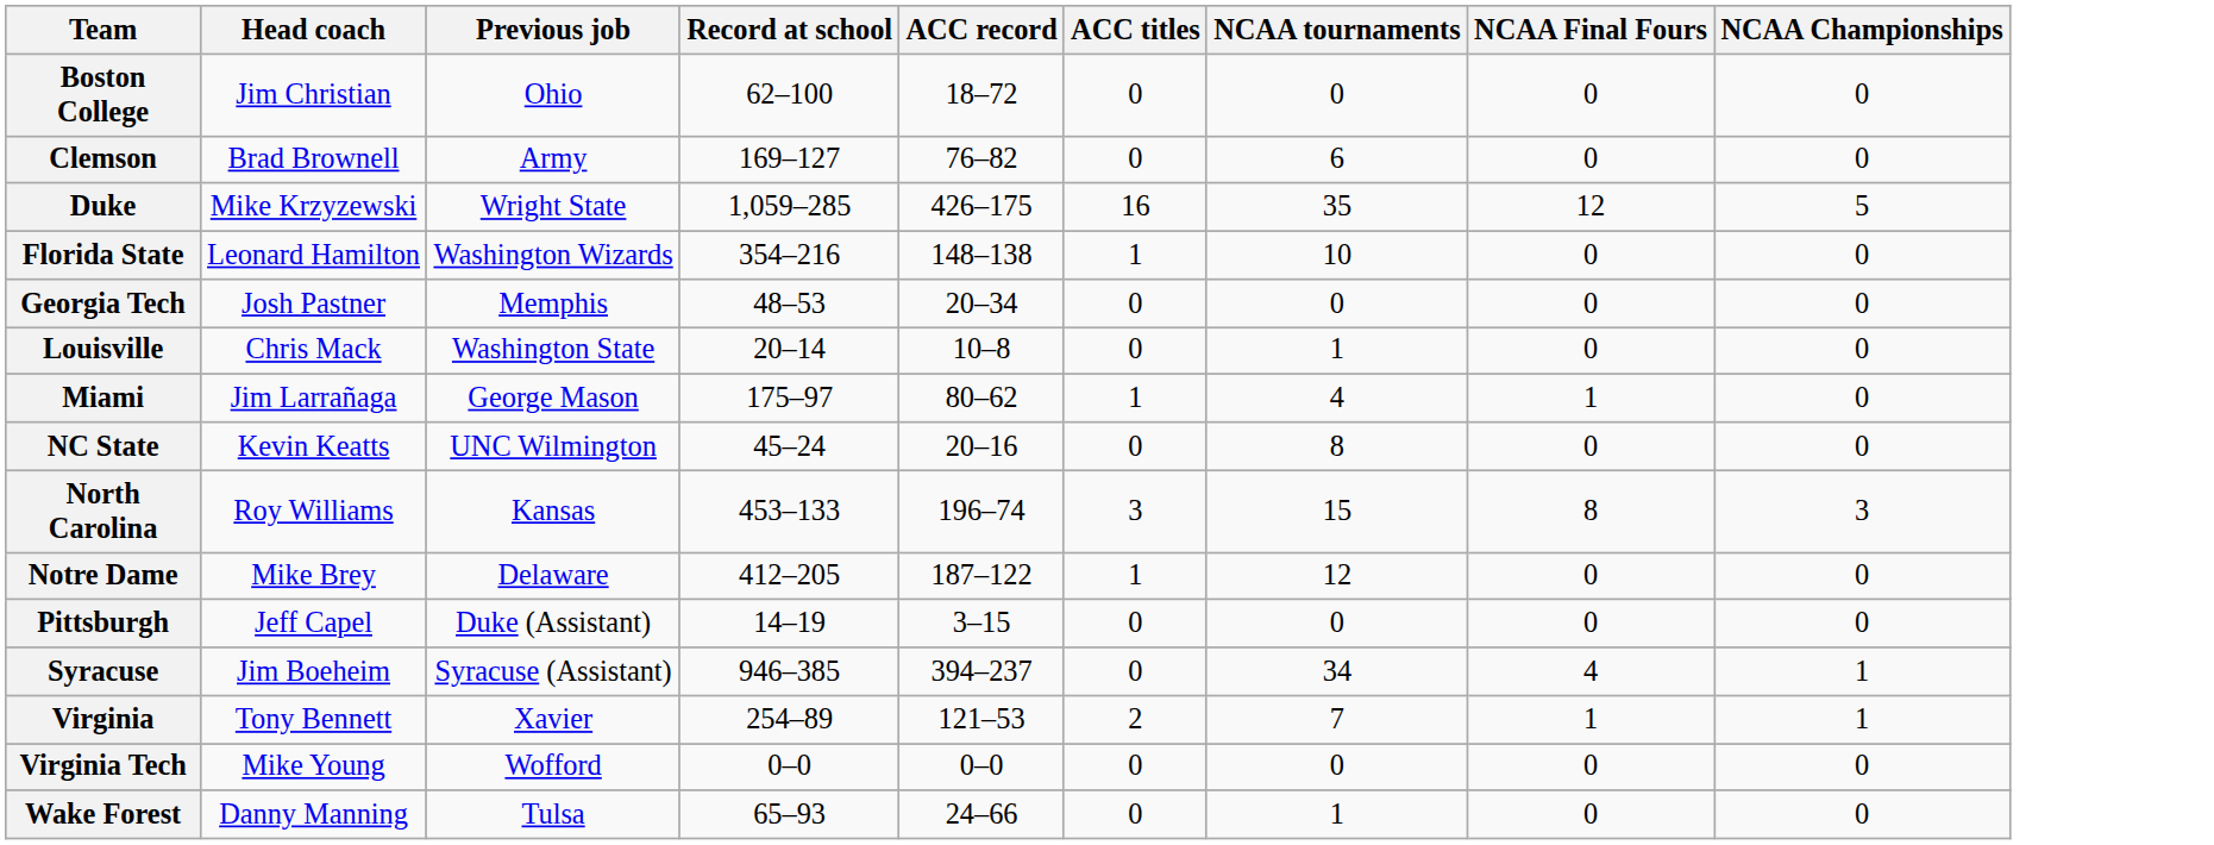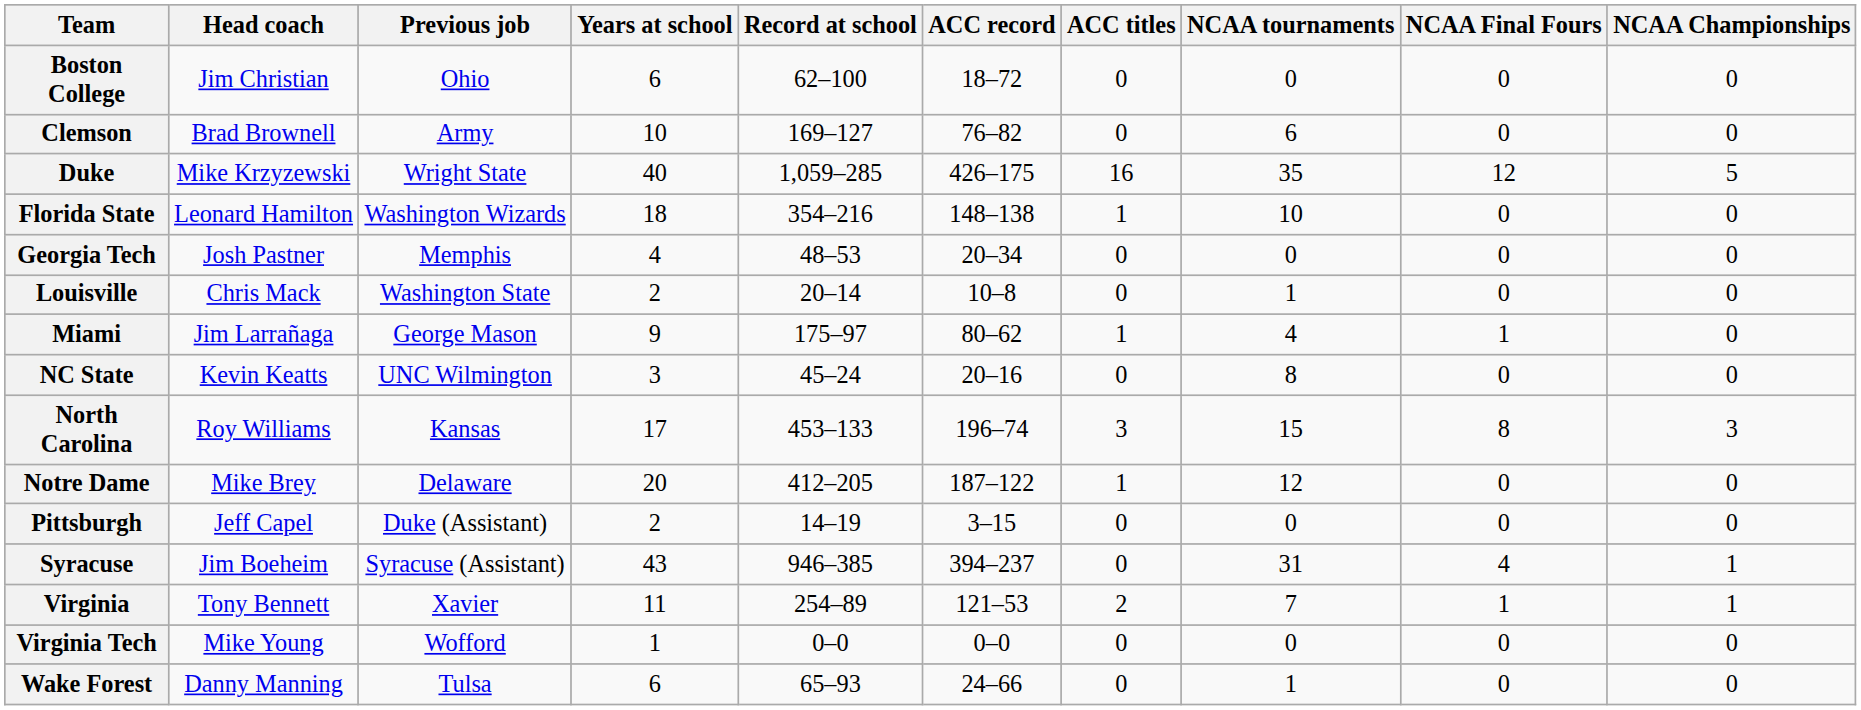 <table class="wikitable sortable" style="text-align: center;font-size:90%;">
 <tr>
 <th width="90">Team</th>
 <th>Head coach</th>
 <th>Previous job</th>
+<th>Years at school</th>
 <th>Record at school</th>
 <th>ACC record</th>
 <th>ACC titles</th>
 <th>NCAA tournaments</th>
 <th>NCAA Final Fours</th>
 <th>NCAA Championships</th>
 </tr>
 <tr>
 <th style=>Boston College</th>
 <td><a href='#'>Jim Christian</a></td>
 <td><a href='#'>Ohio</a></td>
+<td>6</td>
 <td>62–100</td>
 <td>18–72</td>
 <td>0</td>
 <td>0</td>
 <td>0</td>
 <td>0</td>
 </tr>
 <tr>
 <th>Clemson</th>
 <td><a href='#'>Brad Brownell</a></td>
 <td><a href='#'>Army</a></td>
+<td>10</td>
 <td>169–127</td>
 <td>76–82</td>
 <td>0</td>
 <td>6</td>
 <td>0</td>
 <td>0</td>
 </tr>
 <tr>
 <th>Duke</th>
 <td><a href='#'>Mike Krzyzewski</a></td>
 <td><a href='#'>Wright State</a></td>
+<td>40</td>
 <td>1,059–285</td>
 <td>426–175</td>
 <td>16</td>
 <td>35</td>
 <td>12</td>
 <td>5</td>
 </tr>
 <tr>
 <th style=>Florida State</th>
 <td><a href='#'>Leonard Hamilton</a></td>
 <td><a href='#'>Washington Wizards</a></td>
+<td>18</td>
 <td>354–216</td>
 <td>148–138</td>
 <td>1</td>
 <td>10</td>
 <td>0</td>
 <td>0</td>
 </tr>
 <tr>
 <th>Georgia Tech</th>
 <td><a href='#'>Josh Pastner</a></td>
 <td><a href='#'>Memphis</a></td>
+<td>4</td>
 <td>48–53</td>
 <td>20–34</td>
 <td>0</td>
 <td>0</td>
 <td>0</td>
 <td>0</td>
 </tr>
 <tr>
 <th>Louisville</th>
 <td><a href='#'>Chris Mack</a></td>
 <td><a href='#'>Washington State</a></td>
+<td>2</td>
 <td>20–14</td>
 <td>10–8</td>
 <td>0</td>
 <td>1</td>
 <td>0</td>
 <td>0</td>
 </tr>
 <tr>
 <th>Miami</th>
 <td><a href='#'>Jim Larrañaga</a></td>
 <td><a href='#'>George Mason</a></td>
+<td>9</td>
 <td>175–97</td>
 <td>80–62</td>
 <td>1</td>
 <td>4</td>
 <td>1</td>
 <td>0</td>
 </tr>
 <tr>
 <th>NC State</th>
 <td><a href='#'>Kevin Keatts</a></td>
 <td><a href='#'>UNC Wilmington</a></td>
+<td>3</td>
 <td>45–24</td>
 <td>20–16</td>
 <td>0</td>
 <td>8</td>
 <td>0</td>
 <td>0</td>
 </tr>
 <tr>
 <th>North Carolina</th>
 <td><a href='#'>Roy Williams</a></td>
 <td><a href='#'>Kansas</a></td>
+<td>17</td>
 <td>453–133</td>
 <td>196–74</td>
 <td>3</td>
 <td>15</td>
 <td>8</td>
 <td>3</td>
 </tr>
 <tr>
 <th style=>Notre Dame</th>
 <td><a href='#'>Mike Brey</a></td>
 <td><a href='#'>Delaware</a></td>
+<td>20</td>
 <td>412–205</td>
 <td>187–122</td>
 <td>1</td>
 <td>12</td>
 <td>0</td>
 <td>0</td>
 </tr>
 <tr>
 <th style=>Pittsburgh</th>
 <td><a href='#'>Jeff Capel</a></td>
 <td><a href='#'>Duke</a> (Assistant)</td>
+<td>2</td>
 <td>14–19</td>
 <td>3–15</td>
 <td>0</td>
 <td>0</td>
 <td>0</td>
 <td>0</td>
 </tr>
 <tr>
 <th style=>Syracuse</th>
 <td><a href='#'>Jim Boeheim</a></td>
 <td><a href='#'>Syracuse</a> (Assistant)</td>
+<td>43</td>
 <td>946–385</td>
 <td>394–237</td>
 <td>0</td>
-<td>34</td>
+<td>31</td>
 <td>4</td>
 <td>1</td>
 </tr>
 <tr>
 <th>Virginia</th>
 <td><a href='#'>Tony Bennett</a></td>
 <td><a href='#'>Xavier</a></td>
+<td>11</td>
 <td>254–89</td>
 <td>121–53</td>
 <td>2</td>
 <td>7</td>
 <td>1</td>
 <td>1</td>
 </tr>
 <tr>
 <th>Virginia Tech</th>
 <td><a href='#'>Mike Young</a></td>
 <td><a href='#'>Wofford</a></td>
+<td>1</td>
 <td>0–0</td>
 <td>0–0</td>
 <td>0</td>
 <td>0</td>
 <td>0</td>
 <td>0</td>
 </tr>
 <tr>
 <th style=>Wake Forest</th>
 <td><a href='#'>Danny Manning</a></td>
 <td><a href='#'>Tulsa</a></td>
+<td>6</td>
 <td>65–93</td>
 <td>24–66</td>
 <td>0</td>
 <td>1</td>
 <td>0</td>
 <td>0</td>
 </tr>
 </table>
